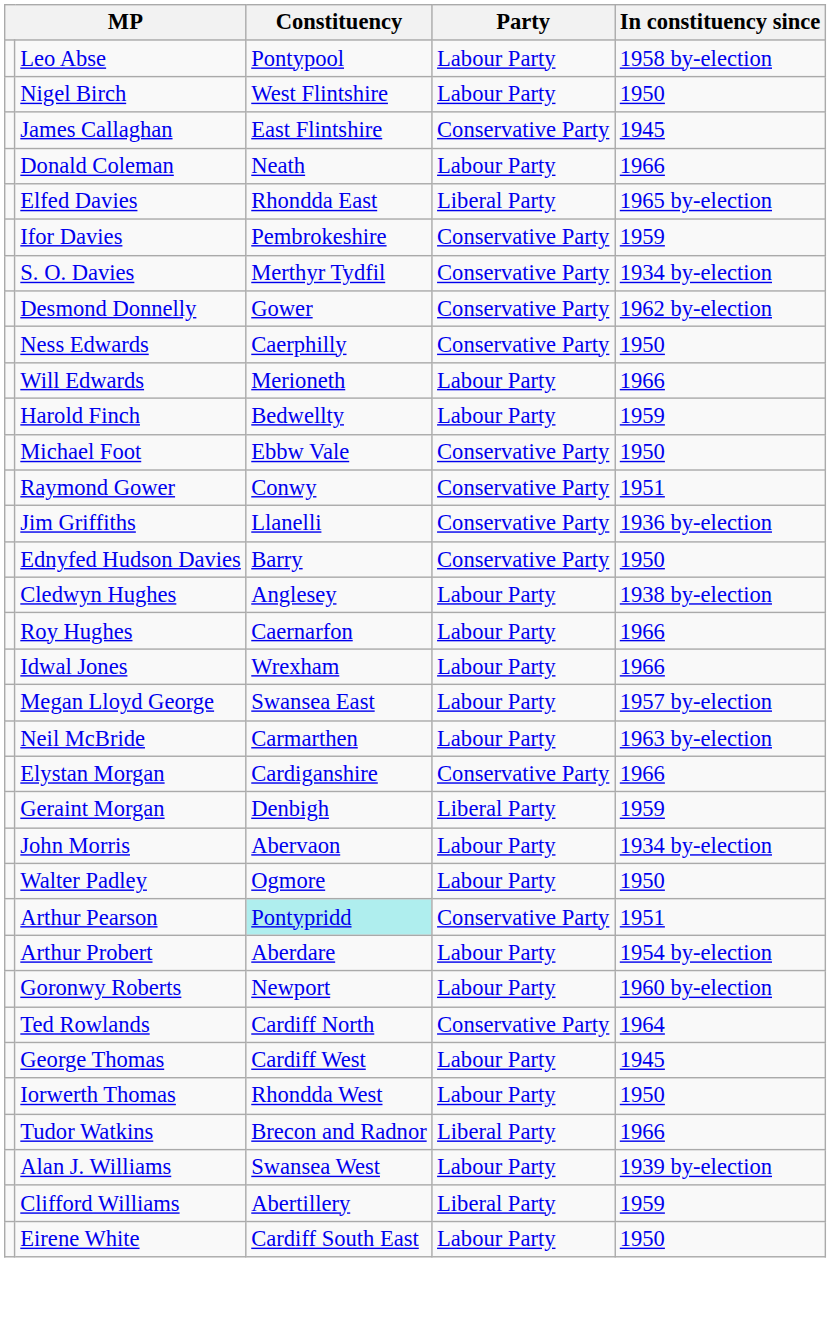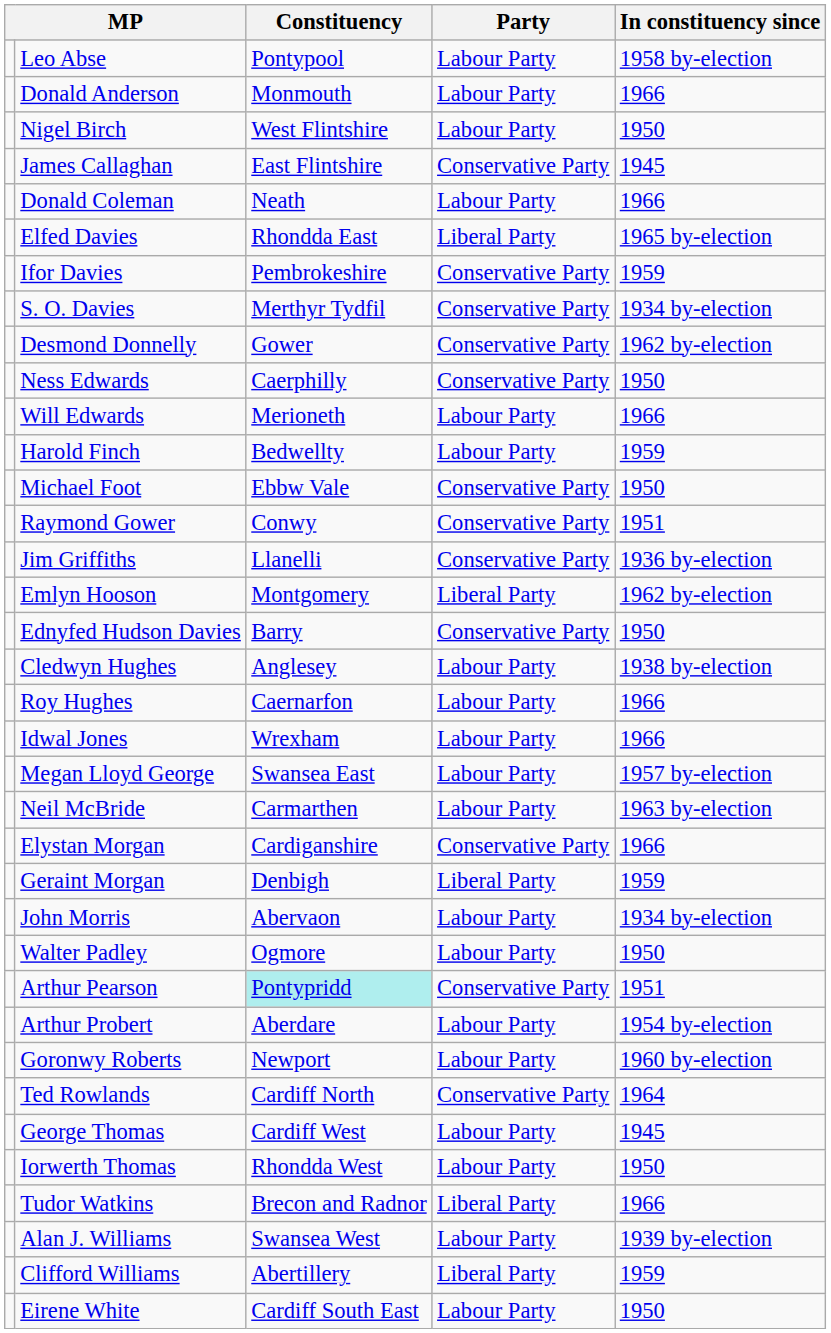 <table class="wikitable sortable">
 <tr>
 <th colspan="2">MP</th>
 <th>Constituency</th>
 <th>Party</th>
 <th>In constituency since</th>
 </tr>
 <tr>
 <td style="color:inherit;background-color: "></td>
 <td><a href='#'>Leo Abse</a></td>
 <td><a href='#'>Pontypool</a></td>
 <td><a href='#'>Labour Party</a></td>
 <td><a href='#'>1958 by-election</a></td>
+</tr>
+<tr>
+<td style="color:inherit;background-color: "></td>
+<td><a href='#'>Donald Anderson</a></td>
+<td><a href='#'>Monmouth</a></td>
+<td><a href='#'>Labour Party</a></td>
+<td><a href='#'>1966</a></td>
 </tr>
 <tr>
 <td style="color:inherit;background-color: "></td>
 <td><a href='#'>Nigel Birch</a></td>
 <td><a href='#'>West Flintshire</a></td>
 <td><a href='#'>Labour Party</a></td>
 <td><a href='#'>1950</a></td>
 </tr>
 <tr>
 <td style="color:inherit;background-color: "></td>
 <td><a href='#'>James Callaghan</a></td>
 <td><a href='#'>East Flintshire</a></td>
 <td><a href='#'>Conservative Party</a></td>
 <td><a href='#'>1945</a></td>
 </tr>
 <tr>
 <td style="color:inherit;background-color: "></td>
 <td><a href='#'>Donald Coleman</a></td>
 <td><a href='#'>Neath</a></td>
 <td><a href='#'>Labour Party</a></td>
 <td><a href='#'>1966</a></td>
 </tr>
 <tr>
 <td style="color:inherit;background-color: "></td>
 <td><a href='#'>Elfed Davies</a></td>
 <td><a href='#'>Rhondda East</a></td>
 <td><a href='#'>Liberal Party</a></td>
 <td><a href='#'>1965 by-election</a></td>
 </tr>
 <tr>
 <td style="color:inherit;background-color: "></td>
 <td><a href='#'>Ifor Davies</a></td>
 <td><a href='#'>Pembrokeshire</a></td>
 <td><a href='#'>Conservative Party</a></td>
 <td><a href='#'>1959</a></td>
 </tr>
 <tr>
 <td style="color:inherit;background-color: "></td>
 <td><a href='#'>S. O. Davies</a></td>
 <td><a href='#'>Merthyr Tydfil</a></td>
 <td><a href='#'>Conservative Party</a></td>
 <td><a href='#'>1934 by-election</a></td>
 </tr>
 <tr>
 <td style="color:inherit;background-color: "></td>
 <td><a href='#'>Desmond Donnelly</a></td>
 <td><a href='#'>Gower</a></td>
 <td><a href='#'>Conservative Party</a></td>
 <td><a href='#'>1962 by-election</a></td>
 </tr>
 <tr>
 <td style="color:inherit;background-color: "></td>
 <td><a href='#'>Ness Edwards</a></td>
 <td><a href='#'>Caerphilly</a></td>
 <td><a href='#'>Conservative Party</a></td>
 <td><a href='#'>1950</a></td>
 </tr>
 <tr>
 <td style="color:inherit;background-color: "></td>
 <td><a href='#'>Will Edwards</a></td>
 <td><a href='#'>Merioneth</a></td>
 <td><a href='#'>Labour Party</a></td>
 <td><a href='#'>1966</a></td>
 </tr>
 <tr>
 <td style="color:inherit;background-color: "></td>
 <td><a href='#'>Harold Finch</a></td>
 <td><a href='#'>Bedwellty</a></td>
 <td><a href='#'>Labour Party</a></td>
 <td><a href='#'>1959</a></td>
 </tr>
 <tr>
 <td style="color:inherit;background-color: "></td>
 <td><a href='#'>Michael Foot</a></td>
 <td><a href='#'>Ebbw Vale</a></td>
 <td><a href='#'>Conservative Party</a></td>
 <td><a href='#'>1950</a></td>
 </tr>
 <tr>
 <td style="color:inherit;background-color: "></td>
 <td><a href='#'>Raymond Gower</a></td>
 <td><a href='#'>Conwy</a></td>
 <td><a href='#'>Conservative Party</a></td>
 <td><a href='#'>1951</a></td>
 </tr>
 <tr>
 <td style="color:inherit;background-color: "></td>
 <td><a href='#'>Jim Griffiths</a></td>
 <td><a href='#'>Llanelli</a></td>
 <td><a href='#'>Conservative Party</a></td>
 <td><a href='#'>1936 by-election</a></td>
+</tr>
+<tr>
+<td style="color:inherit;background-color: "></td>
+<td><a href='#'>Emlyn Hooson</a></td>
+<td><a href='#'>Montgomery</a></td>
+<td><a href='#'>Liberal Party</a></td>
+<td><a href='#'>1962 by-election</a></td>
 </tr>
 <tr>
 <td style="color:inherit;background-color: "></td>
 <td><a href='#'>Ednyfed Hudson Davies</a></td>
 <td><a href='#'>Barry</a></td>
 <td><a href='#'>Conservative Party</a></td>
 <td><a href='#'>1950</a></td>
 </tr>
 <tr>
 <td style="color:inherit;background-color: "></td>
 <td><a href='#'>Cledwyn Hughes</a></td>
 <td><a href='#'>Anglesey</a></td>
 <td><a href='#'>Labour Party</a></td>
 <td><a href='#'>1938 by-election</a></td>
 </tr>
 <tr>
 <td style="color:inherit;background-color: "></td>
 <td><a href='#'>Roy Hughes</a></td>
 <td><a href='#'>Caernarfon</a></td>
 <td><a href='#'>Labour Party</a></td>
 <td><a href='#'>1966</a></td>
 </tr>
 <tr>
 <td style="color:inherit;background-color: "></td>
 <td><a href='#'>Idwal Jones</a></td>
 <td><a href='#'>Wrexham</a></td>
 <td><a href='#'>Labour Party</a></td>
 <td><a href='#'>1966</a></td>
 </tr>
 <tr>
 <td style="color:inherit;background-color: "></td>
 <td><a href='#'>Megan Lloyd George</a></td>
 <td><a href='#'>Swansea East</a></td>
 <td><a href='#'>Labour Party</a></td>
 <td><a href='#'>1957 by-election</a></td>
 </tr>
 <tr>
 <td style="color:inherit;background-color: "></td>
 <td><a href='#'>Neil McBride</a></td>
 <td><a href='#'>Carmarthen</a></td>
 <td><a href='#'>Labour Party</a></td>
 <td><a href='#'>1963 by-election</a></td>
 </tr>
 <tr>
 <td style="color:inherit;background-color: "></td>
 <td><a href='#'>Elystan Morgan</a></td>
 <td><a href='#'>Cardiganshire</a></td>
 <td><a href='#'>Conservative Party</a></td>
 <td><a href='#'>1966</a></td>
 </tr>
 <tr>
 <td style="color:inherit;background-color: "></td>
 <td><a href='#'>Geraint Morgan</a></td>
 <td><a href='#'>Denbigh</a></td>
 <td><a href='#'>Liberal Party</a></td>
 <td><a href='#'>1959</a></td>
 </tr>
 <tr>
 <td style="color:inherit;background-color: "></td>
 <td><a href='#'>John Morris</a></td>
 <td><a href='#'>Abervaon</a></td>
 <td><a href='#'>Labour Party</a></td>
 <td><a href='#'>1934 by-election</a></td>
 </tr>
 <tr>
 <td style="color:inherit;background-color: "></td>
 <td><a href='#'>Walter Padley</a></td>
 <td><a href='#'>Ogmore</a></td>
 <td><a href='#'>Labour Party</a></td>
 <td><a href='#'>1950</a></td>
 </tr>
 <tr>
 <td style="color:inherit;background-color: "></td>
 <td><a href='#'>Arthur Pearson</a></td>
 <td style="background: paleturquoise;"><a href='#'>Pontypridd</a></td>
 <td><a href='#'>Conservative Party</a></td>
 <td><a href='#'>1951</a></td>
 </tr>
 <tr>
 <td style="color:inherit;background-color: "></td>
 <td><a href='#'>Arthur Probert</a></td>
 <td><a href='#'>Aberdare</a></td>
 <td><a href='#'>Labour Party</a></td>
 <td><a href='#'>1954 by-election</a></td>
 </tr>
 <tr>
 <td style="color:inherit;background-color: "></td>
 <td><a href='#'>Goronwy Roberts</a></td>
 <td><a href='#'>Newport</a></td>
 <td><a href='#'>Labour Party</a></td>
 <td><a href='#'>1960 by-election</a></td>
 </tr>
 <tr>
 <td style="color:inherit;background-color: "></td>
 <td><a href='#'>Ted Rowlands</a></td>
 <td><a href='#'>Cardiff North</a></td>
 <td><a href='#'>Conservative Party</a></td>
 <td><a href='#'>1964</a></td>
 </tr>
 <tr>
 <td style="color:inherit;background-color: "></td>
 <td><a href='#'>George Thomas</a></td>
 <td><a href='#'>Cardiff West</a></td>
 <td><a href='#'>Labour Party</a></td>
 <td><a href='#'>1945</a></td>
 </tr>
 <tr>
 <td style="color:inherit;background-color: "></td>
 <td><a href='#'>Iorwerth Thomas</a></td>
 <td><a href='#'>Rhondda West</a></td>
 <td><a href='#'>Labour Party</a></td>
 <td><a href='#'>1950</a></td>
 </tr>
 <tr>
 <td style="color:inherit;background-color: "></td>
 <td><a href='#'>Tudor Watkins</a></td>
 <td><a href='#'>Brecon and Radnor</a></td>
 <td><a href='#'>Liberal Party</a></td>
 <td><a href='#'>1966</a></td>
 </tr>
 <tr>
 <td style="color:inherit;background-color: "></td>
 <td><a href='#'>Alan J. Williams</a></td>
 <td><a href='#'>Swansea West</a></td>
 <td><a href='#'>Labour Party</a></td>
 <td><a href='#'>1939 by-election</a></td>
 </tr>
 <tr>
 <td style="color:inherit;background-color: "></td>
 <td><a href='#'>Clifford Williams</a></td>
 <td><a href='#'>Abertillery</a></td>
 <td><a href='#'>Liberal Party</a></td>
 <td><a href='#'>1959</a></td>
 </tr>
 <tr>
 <td style="color:inherit;background-color: "></td>
 <td><a href='#'>Eirene White</a></td>
 <td><a href='#'>Cardiff South East</a></td>
 <td><a href='#'>Labour Party</a></td>
 <td><a href='#'>1950</a></td>
 </tr>
 </table>
